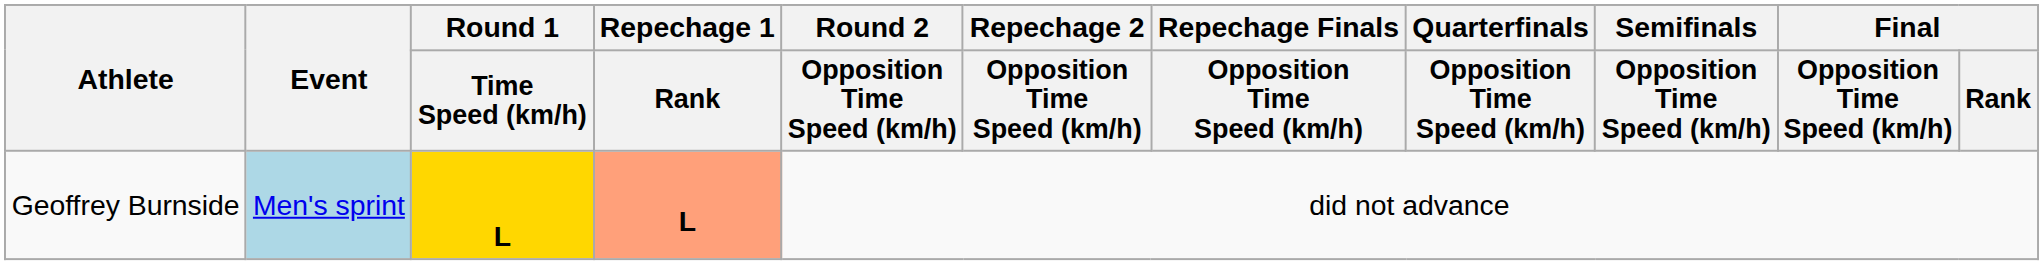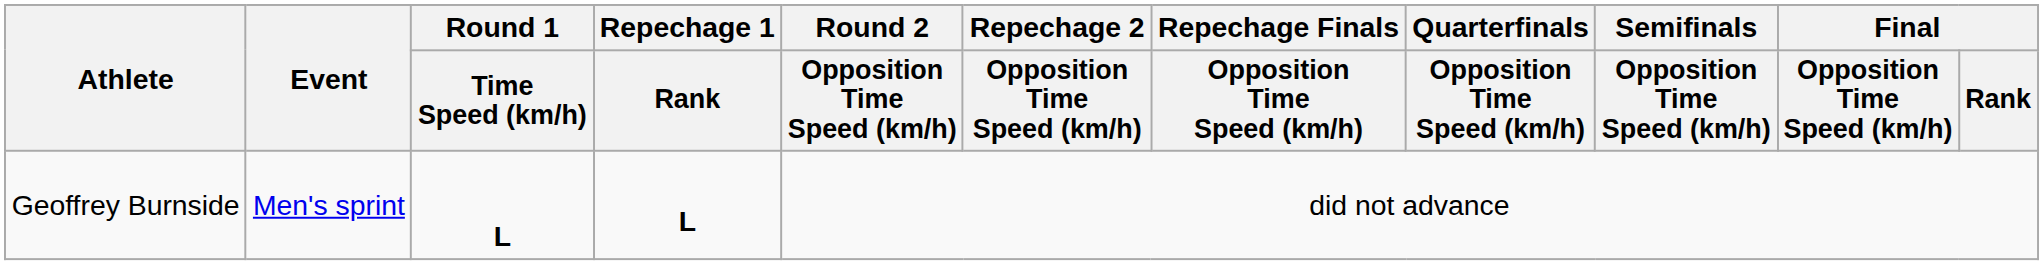 <table class="wikitable" style="font-size:90%">
 <tr>
 <th rowspan="2">Athlete</th>
 <th rowspan="2">Event</th>
 <th>Round 1</th>
 <th>Repechage 1</th>
 <th>Round 2</th>
 <th>Repechage 2</th>
 <th>Repechage Finals</th>
 <th>Quarterfinals</th>
 <th>Semifinals</th>
 <th colspan=2>Final</th>
 </tr>
 <tr style="font-size:95%">
 <th>Time<br>Speed (km/h)</th>
 <th>Rank</th>
 <th>Opposition<br>Time<br>Speed (km/h)</th>
 <th>Opposition<br>Time<br>Speed (km/h)</th>
 <th>Opposition<br>Time<br>Speed (km/h)</th>
 <th>Opposition<br>Time<br>Speed (km/h)</th>
 <th>Opposition<br>Time<br>Speed (km/h)</th>
 <th>Opposition<br>Time<br>Speed (km/h)</th>
 <th>Rank</th>
 </tr>
 <tr align=center>
 <td align=left>Geoffrey Burnside</td>
-<td style="background: lightblue; text-align:left;" rowspan="1"><a href='#'>Men's sprint</a></td>
-<td style="background: gold;"><br><br><strong>L</strong></td>
-<td style="background: lightsalmon;"><br><strong>L</strong></td>
+<td style="text-align:left;" rowspan="1"><a href='#'>Men's sprint</a></td>
+<td><br><br><strong>L</strong></td>
+<td><br><strong>L</strong></td>
 <td colspan=7>did not advance</td>
 </tr>
 </table>
